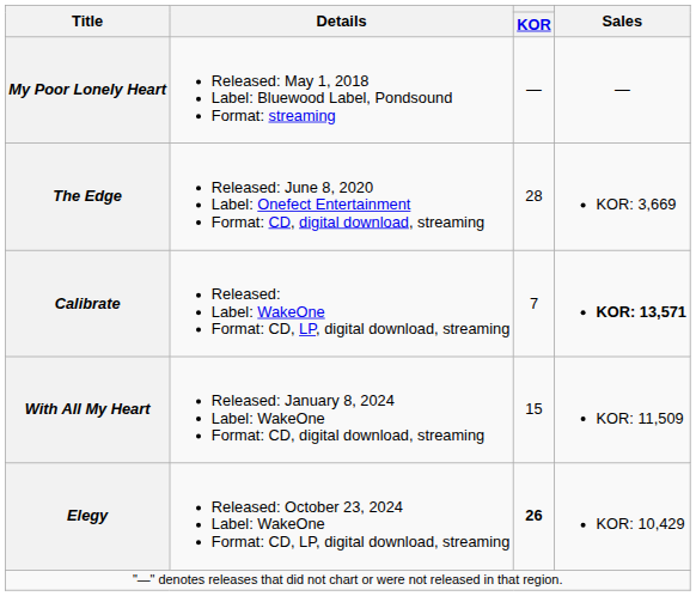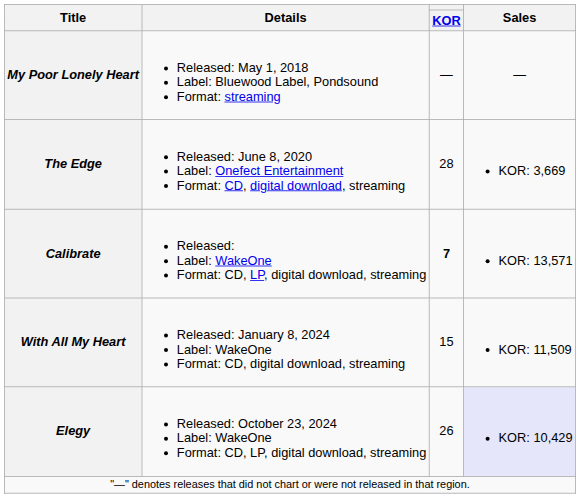 <table class="wikitable plainrowheaders" text-align="center">
 <tr>
 <th scope="col" rowspan="2">Title</th>
 <th scope="col" rowspan="2">Details</th>
 <th scope="col"></th>
 <th scope="col" rowspan="2">Sales</th>
 </tr>
 <tr>
 <th scope="col"><a href='#'>KOR</a><br></th>
 </tr>
 <tr>
 <th scope="row"><em>My Poor Lonely Heart</em></th>
 <td><br><ul><li>Released: May 1, 2018</li><li>Label: Bluewood Label, Pondsound</li><li>Format: <a href='#'>streaming</a></li></ul></td>
 <td style="text-align:center">—</td>
 <td style="text-align:center">—</td>
 </tr>
 <tr>
 <th scope="row"><em>The Edge</em></th>
 <td><br><ul><li>Released: June 8, 2020</li><li>Label: <a href='#'>Onefect Entertainment</a></li><li>Format: <a href='#'>CD</a>, <a href='#'>digital download</a>, streaming</li></ul></td>
 <td style="text-align:center">28</td>
 <td><br><ul><li>KOR: 3,669</li></ul></td>
 </tr>
 <tr>
 <th scope="row"><em>Calibrate</em></th>
 <td><br><ul><li>Released: </li><li>Label: <a href='#'>WakeOne</a></li><li>Format: CD, <a href='#'>LP</a>, digital download, streaming</li></ul></td>
-<td style="text-align:center">7</td>
-<td><strong><br><ul><li>KOR: 13,571</li></ul></strong></td>
+<td style="text-align:center"><strong>7</strong></td>
+<td><br><ul><li>KOR: 13,571</li></ul></td>
 </tr>
 <tr>
 <th scope="row"><em>With All My Heart</em></th>
 <td><br><ul><li>Released: January 8, 2024</li><li>Label: WakeOne</li><li>Format: CD, digital download, streaming</li></ul></td>
 <td style="text-align:center">15</td>
 <td><br><ul><li>KOR: 11,509</li></ul></td>
 </tr>
 <tr>
 <th scope="row"><em>Elegy</em></th>
 <td><br><ul><li>Released: October 23, 2024</li><li>Label: WakeOne</li><li>Format: CD, LP, digital download, streaming</li></ul></td>
-<td style="text-align:center"><strong>26</strong></td>
-<td><br><ul><li>KOR: 10,429</li></ul></td>
+<td style="text-align:center">26</td>
+<td style="background: lavender;"><br><ul><li>KOR: 10,429</li></ul></td>
 </tr>
 <tr>
 <td colspan="4" style="font-size:85%; text-align:center">"—" denotes releases that did not chart or were not released in that region.</td>
 </tr>
 </table>
